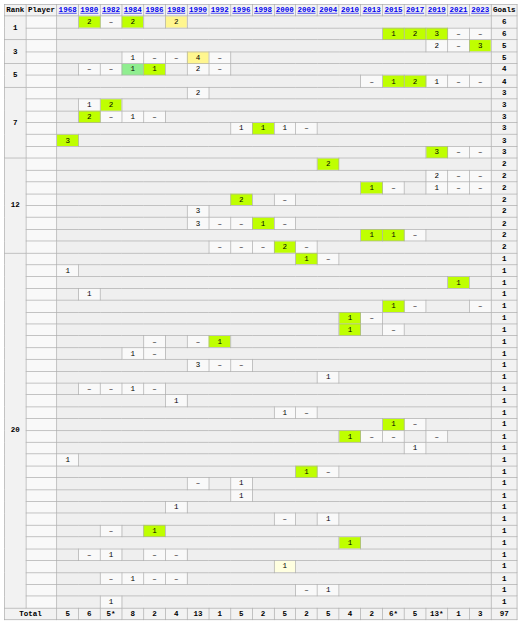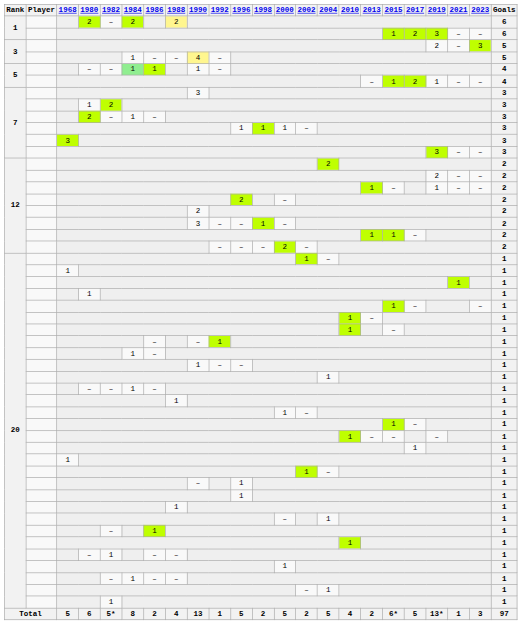 <table class="wikitable" style="text-align:center; font-size:85%">
 <tr>
 <th>Rank</th>
 <th>Player</th>
 <th><a href='#'>1968</a></th>
 <th><a href='#'>1980</a></th>
 <th><a href='#'>1982</a></th>
 <th><a href='#'>1984</a></th>
 <th><a href='#'>1986</a></th>
 <th><a href='#'>1988</a></th>
 <th><a href='#'>1990</a></th>
 <th><a href='#'>1992</a></th>
 <th><a href='#'>1996</a></th>
 <th><a href='#'>1998</a></th>
 <th><a href='#'>2000</a></th>
 <th><a href='#'>2002</a></th>
 <th><a href='#'>2004</a></th>
 <th><a href='#'>2010</a></th>
 <th><a href='#'>2013</a></th>
 <th><a href='#'>2015</a></th>
 <th><a href='#'>2017</a></th>
 <th><a href='#'>2019</a></th>
 <th><a href='#'>2021</a></th>
 <th><a href='#'>2023</a></th>
 <th>Goals</th>
 </tr>
 <tr>
 <th rowspan=2>1</th>
 <td align="left"></td>
 <td bgcolor=efefef></td>
 <td bgcolor=bfff00>2</td>
 <td>–</td>
 <td bgcolor=bfff00>2</td>
 <td bgcolor=efefef></td>
 <td bgcolor=fff68f>2</td>
 <td bgcolor=efefef colspan=14></td>
 <th>6</th>
 </tr>
 <tr>
 <td align="left"></td>
 <td bgcolor=efefef colspan=15></td>
 <td bgcolor=bfff00>1</td>
 <td bgcolor=bfff00>2</td>
 <td bgcolor=bfff00>3</td>
 <td>–</td>
 <td>–</td>
 <th>6</th>
 </tr>
 <tr>
 <th rowspan=2>3</th>
 <td align="left"></td>
 <td bgcolor=efefef colspan=17></td>
 <td>2</td>
 <td>–</td>
 <td bgcolor=bfff00>3</td>
 <th>5</th>
 </tr>
 <tr>
 <td align="left"></td>
 <td bgcolor=efefef colspan=3></td>
 <td>1</td>
 <td>–</td>
 <td>–</td>
 <td bgcolor=fff68f>4</td>
 <td>–</td>
 <td bgcolor=efefef colspan=12></td>
 <th>5</th>
 </tr>
 <tr>
 <th rowspan=2>5</th>
 <td align="left"></td>
 <td bgcolor=efefef></td>
 <td>–</td>
 <td>–</td>
 <td style="background: lightgreen;">1</td>
 <td bgcolor=bfff00>1</td>
 <td bgcolor=efefef></td>
-<td>2</td>
+<td>1</td>
 <td>–</td>
 <td bgcolor=efefef colspan=12></td>
 <th>4</th>
 </tr>
 <tr>
 <td align="left"></td>
 <td bgcolor=efefef colspan=14></td>
 <td>–</td>
 <td bgcolor=bfff00>1</td>
 <td bgcolor=bfff00>2</td>
 <td>1</td>
 <td>–</td>
 <td>–</td>
 <th>4</th>
 </tr>
 <tr>
 <th rowspan=6>7</th>
 <td align="left"></td>
 <td bgcolor=efefef colspan=6></td>
-<td>2</td>
+<td>3</td>
 <td bgcolor=efefef colspan=13></td>
 <th>3</th>
 </tr>
 <tr>
 <td align="left"></td>
 <td bgcolor=efefef></td>
 <td>1</td>
 <td bgcolor=bfff00>2</td>
 <td bgcolor=efefef colspan=17></td>
 <th>3</th>
 </tr>
 <tr>
 <td align="left"></td>
 <td bgcolor=efefef></td>
 <td bgcolor=bfff00>2</td>
 <td>–</td>
 <td>1</td>
 <td>–</td>
 <td bgcolor=efefef colspan=15></td>
 <th>3</th>
 </tr>
 <tr>
 <td align="left"></td>
 <td colspan=8 bgcolor="#efefef"></td>
 <td>1</td>
 <td bgcolor=bfff00>1</td>
 <td>1</td>
 <td>–</td>
 <td bgcolor="#efefef" colspan=8></td>
 <th>3</th>
 </tr>
 <tr>
 <td align="left"></td>
 <td bgcolor=bfff00>3</td>
 <td bgcolor=efefef colspan=19></td>
 <th>3</th>
 </tr>
 <tr>
 <td align="left"></td>
 <td bgcolor=efefef colspan=17></td>
 <td bgcolor=bfff00>3</td>
 <td>–</td>
 <td>–</td>
 <th>3</th>
 </tr>
 <tr>
 <th rowspan=8>12</th>
 <td align="left"></td>
 <td bgcolor=efefef colspan=12></td>
 <td bgcolor=bfff00>2</td>
 <td bgcolor=efefef colspan=7></td>
 <th>2</th>
 </tr>
 <tr>
 <td align="left"></td>
 <td bgcolor=efefef colspan=17></td>
 <td>2</td>
 <td>–</td>
 <td>–</td>
 <th>2</th>
 </tr>
 <tr>
 <td align="left"></td>
 <td bgcolor=efefef colspan=14></td>
 <td bgcolor=bfff00>1</td>
 <td>–</td>
 <td colspan=1 bgcolor="#efefef"></td>
 <td>1</td>
 <td>–</td>
 <td>–</td>
 <th>2</th>
 </tr>
 <tr>
 <td align="left"></td>
 <td bgcolor=efefef colspan=8></td>
 <td bgcolor=bfff00>2</td>
 <td bgcolor=efefef></td>
 <td>–</td>
 <td bgcolor=efefef colspan=9></td>
 <th>2</th>
 </tr>
 <tr>
 <td align="left"></td>
 <td bgcolor=efefef colspan=6></td>
-<td>3</td>
+<td>2</td>
 <td bgcolor=efefef colspan=13></td>
 <th>2</th>
 </tr>
 <tr>
 <td align="left"></td>
 <td bgcolor=efefef colspan=6></td>
 <td>3</td>
 <td>–</td>
 <td>–</td>
 <td bgcolor=bfff00>1</td>
 <td>–</td>
 <td bgcolor=efefef colspan=9></td>
 <th>2</th>
 </tr>
 <tr>
 <td align="left"></td>
 <td bgcolor=efefef colspan=14></td>
 <td bgcolor=bfff00>1</td>
 <td bgcolor=bfff00>1</td>
 <td>–</td>
 <td bgcolor=efefef colspan=3></td>
 <th>2</th>
 </tr>
 <tr>
 <td align="left"></td>
 <td bgcolor=efefef colspan=7></td>
 <td>–</td>
 <td>–</td>
 <td>–</td>
 <td bgcolor=bfff00>2</td>
 <td>–</td>
 <td bgcolor=efefef colspan=8></td>
 <th>2</th>
 </tr>
 <tr>
 <th rowspan=30>20</th>
 <td align="left"></td>
 <td bgcolor=efefef colspan=11></td>
 <td bgcolor=bfff00>1</td>
 <td>–</td>
 <td bgcolor=efefef colspan=7></td>
 <th>1</th>
 </tr>
 <tr>
 <td align="left"></td>
 <td>1</td>
 <td bgcolor=efefef colspan=19></td>
 <th>1</th>
 </tr>
 <tr>
 <td align="left"></td>
 <td bgcolor=efefef colspan=18></td>
 <td bgcolor=bfff00>1</td>
 <td bgcolor=efefef colspan=1></td>
 <th>1</th>
 </tr>
 <tr>
 <td align="left"></td>
 <td bgcolor=efefef></td>
 <td>1</td>
 <td bgcolor=efefef colspan=18></td>
 <th>1</th>
 </tr>
 <tr>
 <td align="left"></td>
 <td bgcolor=efefef colspan=15></td>
 <td bgcolor=bfff00>1</td>
 <td>–</td>
 <td bgcolor=efefef colspan=2></td>
 <td>–</td>
 <th>1</th>
 </tr>
 <tr>
 <td align="left"></td>
 <td bgcolor=efefef colspan=13></td>
 <td bgcolor=bfff00>1</td>
 <td>–</td>
 <td bgcolor=efefef colspan=5></td>
 <th>1</th>
 </tr>
 <tr>
 <td align="left"></td>
 <td bgcolor=efefef colspan=13></td>
 <td bgcolor=bfff00>1</td>
 <td bgcolor=efefef></td>
 <td>–</td>
 <td bgcolor=efefef colspan=4></td>
 <th>1</th>
 </tr>
 <tr>
 <td align="left"></td>
 <td bgcolor=efefef colspan=4></td>
 <td>–</td>
 <td bgcolor=efefef></td>
 <td>–</td>
 <td bgcolor=bfff00>1</td>
 <td bgcolor=efefef colspan=12></td>
 <th>1</th>
 </tr>
 <tr>
 <td align="left"></td>
 <td bgcolor=efefef colspan=3></td>
 <td>1</td>
 <td>–</td>
 <td bgcolor=efefef colspan=15></td>
 <th>1</th>
 </tr>
 <tr>
 <td align="left"></td>
 <td bgcolor=efefef colspan=6></td>
-<td>3</td>
+<td>1</td>
 <td>–</td>
 <td>–</td>
 <td bgcolor=efefef colspan=11></td>
 <th>1</th>
 </tr>
 <tr>
 <td align="left"></td>
 <td bgcolor=efefef colspan=12></td>
 <td>1</td>
 <td bgcolor=efefef colspan=7></td>
 <th>1</th>
 </tr>
 <tr>
 <td align="left"></td>
 <td bgcolor=efefef></td>
 <td>–</td>
 <td>–</td>
 <td>1</td>
 <td>–</td>
 <td bgcolor=efefef colspan=15></td>
 <th>1</th>
 </tr>
 <tr>
 <td align="left"></td>
 <td bgcolor=efefef colspan=5></td>
 <td>1</td>
 <td bgcolor=efefef colspan=14></td>
 <th>1</th>
 </tr>
 <tr>
 <td align="left"></td>
 <td bgcolor=efefef colspan=10></td>
 <td>1</td>
 <td>–</td>
 <td bgcolor=efefef colspan=8></td>
 <th>1</th>
 </tr>
 <tr>
 <td align="left"></td>
 <td bgcolor=efefef colspan=15></td>
 <td bgcolor=bfff00>1</td>
 <td>–</td>
 <td bgcolor=efefef colspan=3></td>
 <th>1</th>
 </tr>
 <tr>
 <td align="left"></td>
 <td bgcolor=efefef colspan=13></td>
 <td bgcolor=bfff00>1</td>
 <td>–</td>
 <td>–</td>
 <td bgcolor=efefef colspan=1></td>
 <td>–</td>
 <td bgcolor=efefef colspan=2></td>
 <th>1</th>
 </tr>
 <tr>
 <td align="left"></td>
 <td bgcolor=efefef colspan=16></td>
 <td>1</td>
 <td bgcolor=efefef colspan=3></td>
 <th>1</th>
 </tr>
 <tr>
 <td align="left"></td>
 <td>1</td>
 <td bgcolor=efefef colspan=19></td>
 <th>1</th>
 </tr>
 <tr>
 <td align="left"></td>
 <td bgcolor=efefef colspan=11></td>
 <td bgcolor=bfff00>1</td>
 <td>–</td>
 <td bgcolor=efefef colspan=7></td>
 <th>1</th>
 </tr>
 <tr>
 <td align="left"></td>
 <td bgcolor=efefef colspan=6></td>
 <td>–</td>
 <td bgcolor=efefef></td>
 <td>1</td>
 <td bgcolor=efefef colspan=11></td>
 <th>1</th>
 </tr>
 <tr>
 <td align="left"></td>
 <td bgcolor=efefef colspan=8></td>
 <td>1</td>
 <td bgcolor=efefef colspan=11></td>
 <th>1</th>
 </tr>
 <tr>
 <td align="left"></td>
 <td bgcolor=efefef colspan=5></td>
 <td>1</td>
 <td bgcolor=efefef colspan=14></td>
 <th>1</th>
 </tr>
 <tr>
 <td align="left"></td>
 <td bgcolor=efefef colspan=10></td>
 <td>–</td>
 <td bgcolor=efefef></td>
 <td>1</td>
 <td bgcolor=efefef colspan=7></td>
 <th>1</th>
 </tr>
 <tr>
 <td align="left"></td>
 <td bgcolor=efefef colspan=2></td>
 <td>–</td>
 <td bgcolor=efefef></td>
 <td bgcolor=bfff00>1</td>
 <td bgcolor=efefef colspan=15></td>
 <th>1</th>
 </tr>
 <tr>
 <td align="left"></td>
 <td bgcolor=efefef colspan=13></td>
 <td bgcolor=bfff00>1</td>
 <td bgcolor=efefef colspan=6></td>
 <th>1</th>
 </tr>
 <tr>
 <td align="left"></td>
 <td bgcolor=efefef></td>
 <td>–</td>
 <td>1</td>
 <td bgcolor=efefef></td>
 <td>–</td>
 <td>–</td>
 <td bgcolor=efefef colspan=14></td>
 <th>1</th>
 </tr>
 <tr>
 <td align="left"></td>
 <td bgcolor=efefef colspan=10></td>
-<td style="background: lightyellow;">1</td>
+<td>1</td>
 <td bgcolor=efefef colspan=9></td>
 <th>1</th>
 </tr>
 <tr>
 <td align="left"></td>
 <td bgcolor=efefef colspan=2></td>
 <td>–</td>
 <td>1</td>
 <td>–</td>
 <td>–</td>
 <td bgcolor=efefef colspan=14></td>
 <th>1</th>
 </tr>
 <tr>
 <td align="left"></td>
 <td bgcolor=efefef colspan=11></td>
 <td>–</td>
 <td>1</td>
 <td bgcolor=efefef colspan=7></td>
 <th>1</th>
 </tr>
 <tr>
 <td align="left"></td>
 <td bgcolor=efefef colspan=2></td>
 <td>1</td>
 <td bgcolor=efefef colspan=17></td>
 <th>1</th>
 </tr>
 <tr class="sortbottom">
 <th colspan=2>Total</th>
 <th>5</th>
 <th>6</th>
 <th>5*</th>
 <th>8</th>
 <th>2</th>
 <th>4</th>
 <th>13</th>
 <th>1</th>
 <th>5</th>
 <th>2</th>
 <th>5</th>
 <th>2</th>
 <th>5</th>
 <th>4</th>
 <th>2</th>
 <th>6*</th>
 <th>5</th>
 <th>13*</th>
 <th>1</th>
 <th>3</th>
 <th>97</th>
 </tr>
 </table>
